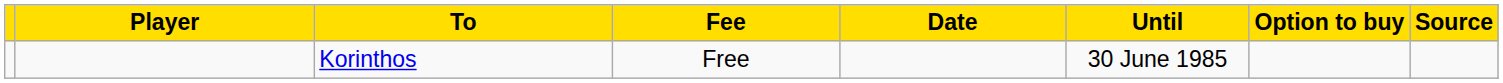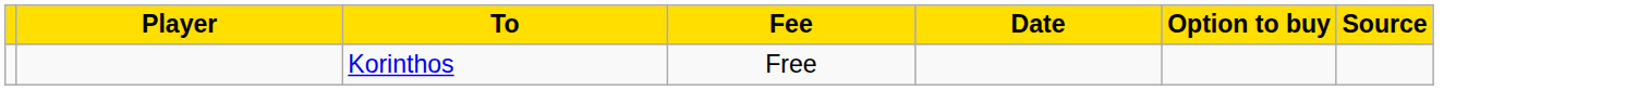 <table class="wikitable sortable">
 <tr>
 <th style="background:#FFDE00"></th>
 <th width=200 style="background:#FFDE00">Player</th>
 <th width=200 style="background:#FFDE00">To</th>
 <th width=150 style="background:#FFDE00">Fee</th>
 <th width=150 style="background:#FFDE00">Date</th>
-<th width=120 style="background:#FFDE00">Until</th>
 <th style="background:#FFDE00">Option to buy</th>
 <th style="background:#FFDE00">Source</th>
 </tr>
 <tr>
 <td align=center></td>
 <td></td>
 <td> <a href='#'>Korinthos</a></td>
 <td align=center>Free</td>
 <td align=center></td>
-<td align=center>30 June 1985</td>
 <td align=center></td>
 <td align=center></td>
 </tr>
 </table>
